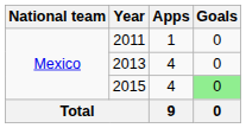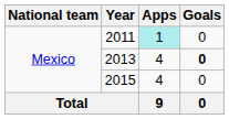 <table class="wikitable" style="text-align: center;">
 <tr>
 <th>National team</th>
 <th>Year</th>
 <th>Apps</th>
 <th>Goals</th>
 </tr>
 <tr>
 <td rowspan="3" valign="center"><a href='#'>Mexico</a></td>
 <td>2011</td>
-<td>1</td>
+<td style="background: paleturquoise;">1</td>
 <td>0</td>
 </tr>
 <tr>
 <td>2013</td>
 <td>4</td>
-<td>0</td>
+<td><strong>0</strong></td>
 </tr>
 <tr>
 <td>2015</td>
 <td>4</td>
-<td style="background: lightgreen;">0</td>
+<td>0</td>
 </tr>
 <tr>
 <th colspan="2">Total</th>
 <th>9</th>
 <th>0</th>
 </tr>
 </table>
